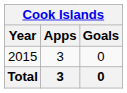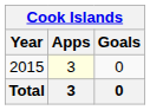 <table class="wikitable" style="text-align:center">
 <tr>
 <th colspan=3><a href='#'>Cook Islands</a></th>
 </tr>
 <tr>
 <th>Year</th>
 <th>Apps</th>
 <th>Goals</th>
 </tr>
 <tr>
 <td>2015</td>
-<td>3</td>
+<td style="background: lightyellow;">3</td>
 <td>0</td>
 </tr>
 <tr>
 <th>Total</th>
 <th>3</th>
 <th>0</th>
 </tr>
 </table>
